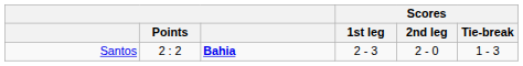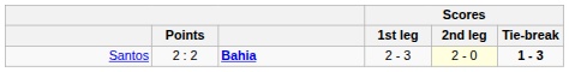 <table class="wikitable" style="text-align:center;">
 <tr>
 <th colspan=3></th>
 <th colspan=3>Scores</th>
 </tr>
 <tr>
 <th width="175"></th>
 <th width="75">Points</th>
 <th width="175"></th>
 <th width="75">1st leg</th>
 <th width="75">2nd leg</th>
 <th width="75">Tie-break</th>
 </tr>
 <tr>
 <td align=right><a href='#'>Santos</a></td>
 <td>2 : 2</td>
 <td align=left><strong><a href='#'>Bahia</a></strong></td>
 <td>2 - 3</td>
-<td>2 - 0</td>
-<td>1 - 3</td>
+<td style="background: lightyellow;">2 - 0</td>
+<td><strong>1 - 3</strong></td>
 </tr>
 </table>
